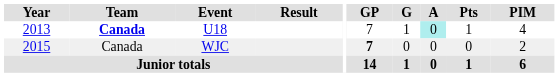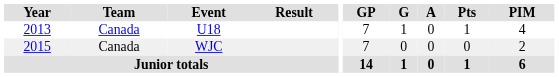 <table border="0" cellpadding="1" cellspacing="0" ID="Table3" style="text-align:center; width:40em">
 <tr ALIGN="center" bgcolor="#e0e0e0">
 <th>Year</th>
 <th>Team</th>
 <th>Event</th>
 <th>Result</th>
 <th rowspan="99" bgcolor="#ffffff"></th>
 <th>GP</th>
 <th>G</th>
 <th>A</th>
 <th>Pts</th>
 <th>PIM</th>
 </tr>
 <tr ALIGN="center">
 <td><a href='#'>2013</a></td>
-<td><strong><a href='#'>Canada</a></strong></td>
+<td><a href='#'>Canada</a></td>
 <td><a href='#'>U18</a></td>
 <td></td>
 <td>7</td>
 <td>1</td>
-<td style="background: paleturquoise;">0</td>
+<td>0</td>
 <td>1</td>
 <td>4</td>
 </tr>
 <tr bgcolor="#f0f0f0">
 <td><a href='#'>2015</a></td>
 <td>Canada</td>
 <td><a href='#'>WJC</a></td>
 <td></td>
-<td><strong>7</strong></td>
+<td>7</td>
 <td>0</td>
 <td>0</td>
 <td>0</td>
 <td>2</td>
 </tr>
 <tr bgcolor="#e0e0e0">
 <th colspan="4">Junior totals</th>
 <th>14</th>
 <th>1</th>
 <th>0</th>
 <th>1</th>
 <th>6</th>
 </tr>
 </table>
